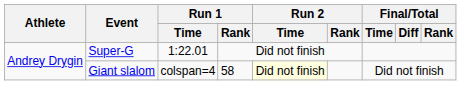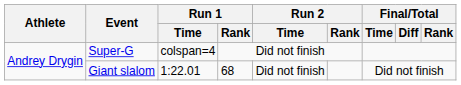 <table class="wikitable" style="font-size:90%">
 <tr>
 <th rowspan="2">Athlete</th>
 <th rowspan="2">Event</th>
 <th colspan="2">Run 1</th>
 <th colspan="2">Run 2</th>
 <th colspan="3">Final/Total</th>
 </tr>
 <tr>
 <th>Time</th>
 <th>Rank</th>
 <th>Time</th>
 <th>Rank</th>
 <th>Time</th>
 <th>Diff</th>
 <th>Rank</th>
 </tr>
 <tr align="center">
 <td align="left" rowspan=2><a href='#'>Andrey Drygin</a></td>
 <td align="left"><a href='#'>Super-G</a></td>
-<td>1:22.01</td>
+<td>colspan=4 </td>
 <td colspan=3>Did not finish</td>
 </tr>
 <tr>
 <td align="left"><a href='#'>Giant slalom</a></td>
-<td>colspan=4 </td>
-<td>58</td>
-<td style="background: lightyellow;">Did not finish</td>
+<td>1:22.01</td>
+<td>68</td>
+<td>Did not finish</td>
 <td></td>
 <td colspan=3 align=center>Did not finish</td>
 </tr>
 </table>
